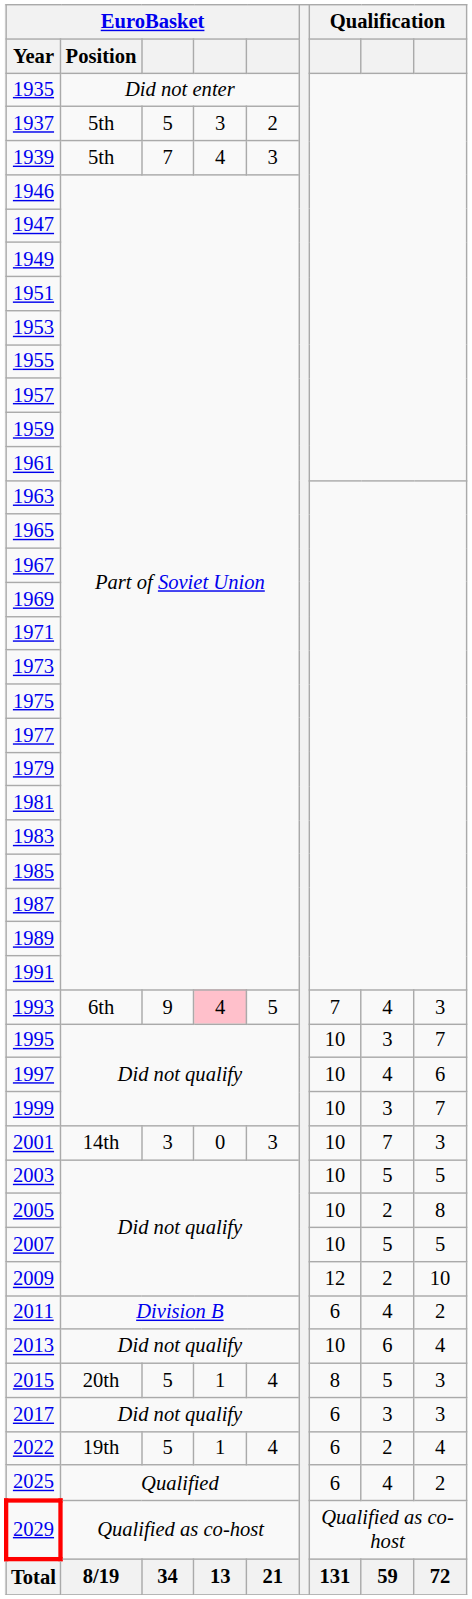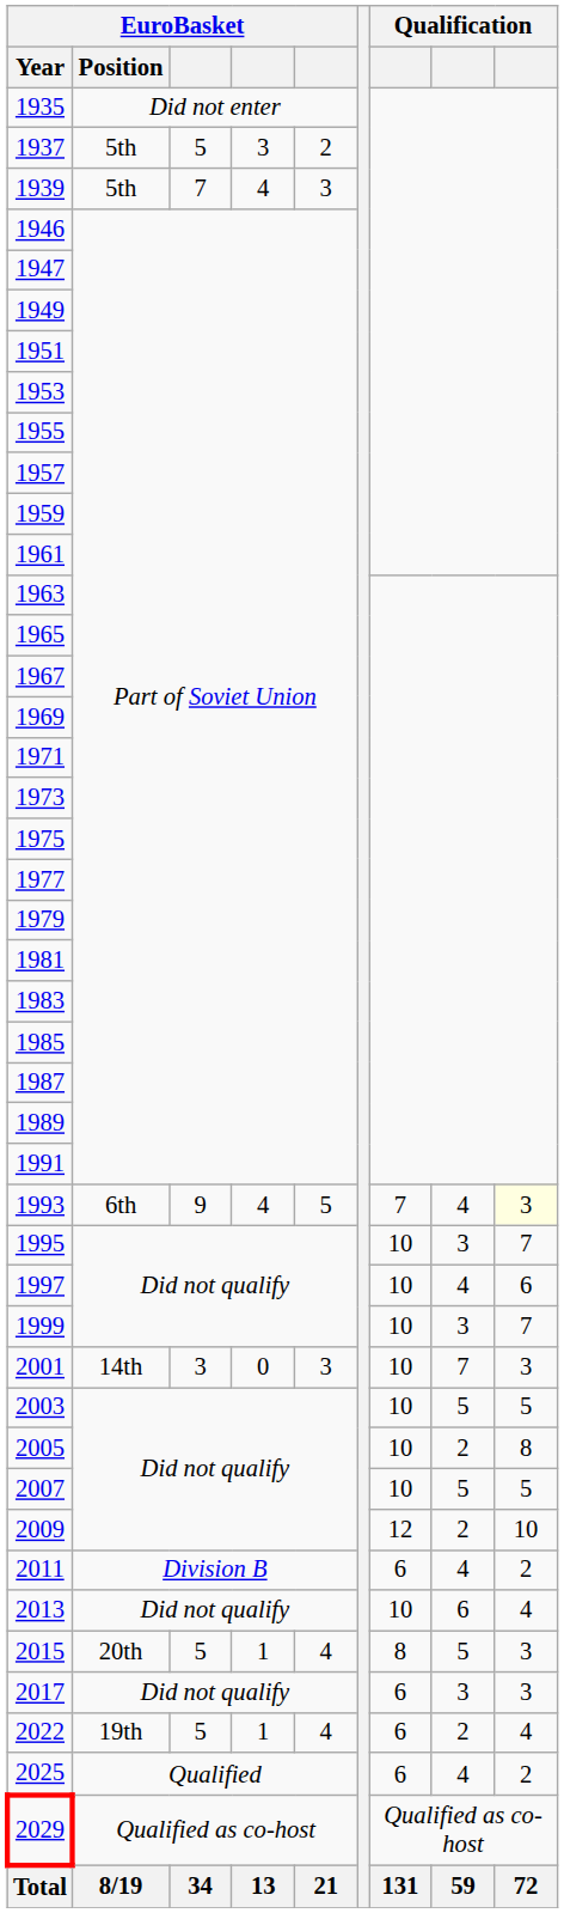 <table class="wikitable" style="text-align: center;font-size:90%;">
 <tr>
 <th colspan=5><a href='#'>EuroBasket</a></th>
 <th rowspan=46></th>
 <th colspan=3>Qualification</th>
 </tr>
 <tr>
 <th>Year</th>
 <th>Position</th>
 <th width=30></th>
 <th width=30></th>
 <th width=30></th>
 <th width=30></th>
 <th width=30></th>
 <th width=30></th>
 </tr>
 <tr>
 <td> <a href='#'>1935</a></td>
 <td colspan=4><em>Did not enter</em></td>
 </tr>
 <tr>
 <td> <a href='#'>1937</a></td>
 <td>5th</td>
 <td>5</td>
 <td>3</td>
 <td>2</td>
 </tr>
 <tr>
 <td> <a href='#'>1939</a></td>
 <td>5th</td>
 <td>7</td>
 <td>4</td>
 <td>3</td>
 </tr>
 <tr>
 <td> <a href='#'>1946</a></td>
 <td colspan=4 rowspan=24><em>Part of <a href='#'>Soviet Union</a></em></td>
 </tr>
 <tr>
 <td> <a href='#'>1947</a></td>
 </tr>
 <tr>
 <td> <a href='#'>1949</a></td>
 </tr>
 <tr>
 <td> <a href='#'>1951</a></td>
 </tr>
 <tr>
 <td> <a href='#'>1953</a></td>
 </tr>
 <tr>
 <td> <a href='#'>1955</a></td>
 </tr>
 <tr>
 <td> <a href='#'>1957</a></td>
 </tr>
 <tr>
 <td> <a href='#'>1959</a></td>
 </tr>
 <tr>
 <td> <a href='#'>1961</a></td>
 </tr>
 <tr>
 <td> <a href='#'>1963</a></td>
 <td colspan=3 rowspan=15></td>
 </tr>
 <tr>
 <td> <a href='#'>1965</a></td>
 </tr>
 <tr>
 <td> <a href='#'>1967</a></td>
 </tr>
 <tr>
 <td> <a href='#'>1969</a></td>
 </tr>
 <tr>
 <td> <a href='#'>1971</a></td>
 </tr>
 <tr>
 <td> <a href='#'>1973</a></td>
 </tr>
 <tr>
 <td> <a href='#'>1975</a></td>
 </tr>
 <tr>
 <td> <a href='#'>1977</a></td>
 </tr>
 <tr>
 <td> <a href='#'>1979</a></td>
 </tr>
 <tr>
 <td> <a href='#'>1981</a></td>
 </tr>
 <tr>
 <td> <a href='#'>1983</a></td>
 </tr>
 <tr>
 <td> <a href='#'>1985</a></td>
 </tr>
 <tr>
 <td> <a href='#'>1987</a></td>
 </tr>
 <tr>
 <td> <a href='#'>1989</a></td>
 </tr>
 <tr>
 <td> <a href='#'>1991</a></td>
 </tr>
 <tr>
 <td> <a href='#'>1993</a></td>
 <td>6th</td>
 <td>9</td>
-<td style="background: pink;">4</td>
+<td>4</td>
 <td>5</td>
 <td>7</td>
 <td>4</td>
-<td>3</td>
+<td style="background: lightyellow;">3</td>
 </tr>
 <tr>
 <td> <a href='#'>1995</a></td>
 <td colspan=4 rowspan=3><em>Did not qualify</em></td>
 <td>10</td>
 <td>3</td>
 <td>7</td>
 </tr>
 <tr>
 <td> <a href='#'>1997</a></td>
 <td>10</td>
 <td>4</td>
 <td>6</td>
 </tr>
 <tr>
 <td> <a href='#'>1999</a></td>
 <td>10</td>
 <td>3</td>
 <td>7</td>
 </tr>
 <tr>
 <td> <a href='#'>2001</a></td>
 <td>14th</td>
 <td>3</td>
 <td>0</td>
 <td>3</td>
 <td>10</td>
 <td>7</td>
 <td>3</td>
 </tr>
 <tr>
 <td> <a href='#'>2003</a></td>
 <td colspan=4 rowspan=4><em>Did not qualify</em></td>
 <td>10</td>
 <td>5</td>
 <td>5</td>
 </tr>
 <tr>
 <td> <a href='#'>2005</a></td>
 <td>10</td>
 <td>2</td>
 <td>8</td>
 </tr>
 <tr>
 <td> <a href='#'>2007</a></td>
 <td>10</td>
 <td>5</td>
 <td>5</td>
 </tr>
 <tr>
 <td> <a href='#'>2009</a></td>
 <td>12</td>
 <td>2</td>
 <td>10</td>
 </tr>
 <tr>
 <td> <a href='#'>2011</a></td>
 <td colspan=4><em><a href='#'>Division B</a></em></td>
 <td>6</td>
 <td>4</td>
 <td>2</td>
 </tr>
 <tr>
 <td> <a href='#'>2013</a></td>
 <td colspan=4><em>Did not qualify</em></td>
 <td>10</td>
 <td>6</td>
 <td>4</td>
 </tr>
 <tr>
 <td> <a href='#'>2015</a></td>
 <td>20th</td>
 <td>5</td>
 <td>1</td>
 <td>4</td>
 <td>8</td>
 <td>5</td>
 <td>3</td>
 </tr>
 <tr>
 <td> <a href='#'>2017</a></td>
 <td colspan=4><em>Did not qualify</em></td>
 <td>6</td>
 <td>3</td>
 <td>3</td>
 </tr>
 <tr>
 <td> <a href='#'>2022</a></td>
 <td>19th</td>
 <td>5</td>
 <td>1</td>
 <td>4</td>
 <td>6</td>
 <td>2</td>
 <td>4</td>
 </tr>
 <tr>
 <td> <a href='#'>2025</a></td>
 <td colspan=4><em>Qualified</em></td>
 <td>6</td>
 <td>4</td>
 <td>2</td>
 </tr>
 <tr>
 <td style="border: 3px solid red"> <a href='#'>2029</a></td>
 <td colspan=4><em>Qualified as co-host</em></td>
 <td colspan=3><em>Qualified as co-host</em></td>
 </tr>
 <tr>
 <th>Total</th>
 <th>8/19</th>
 <th>34</th>
 <th>13</th>
 <th>21</th>
 <th>131</th>
 <th>59</th>
 <th>72</th>
 </tr>
 </table>
